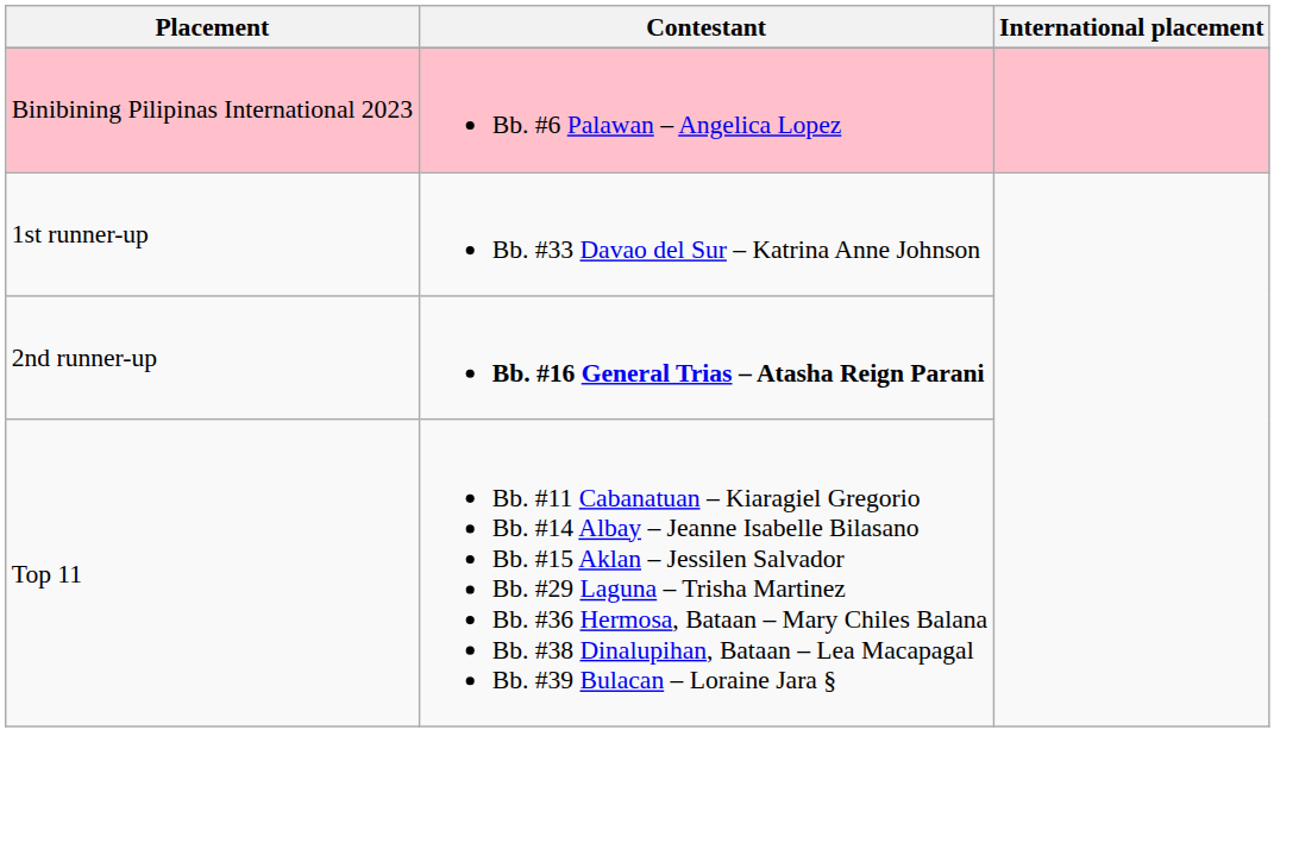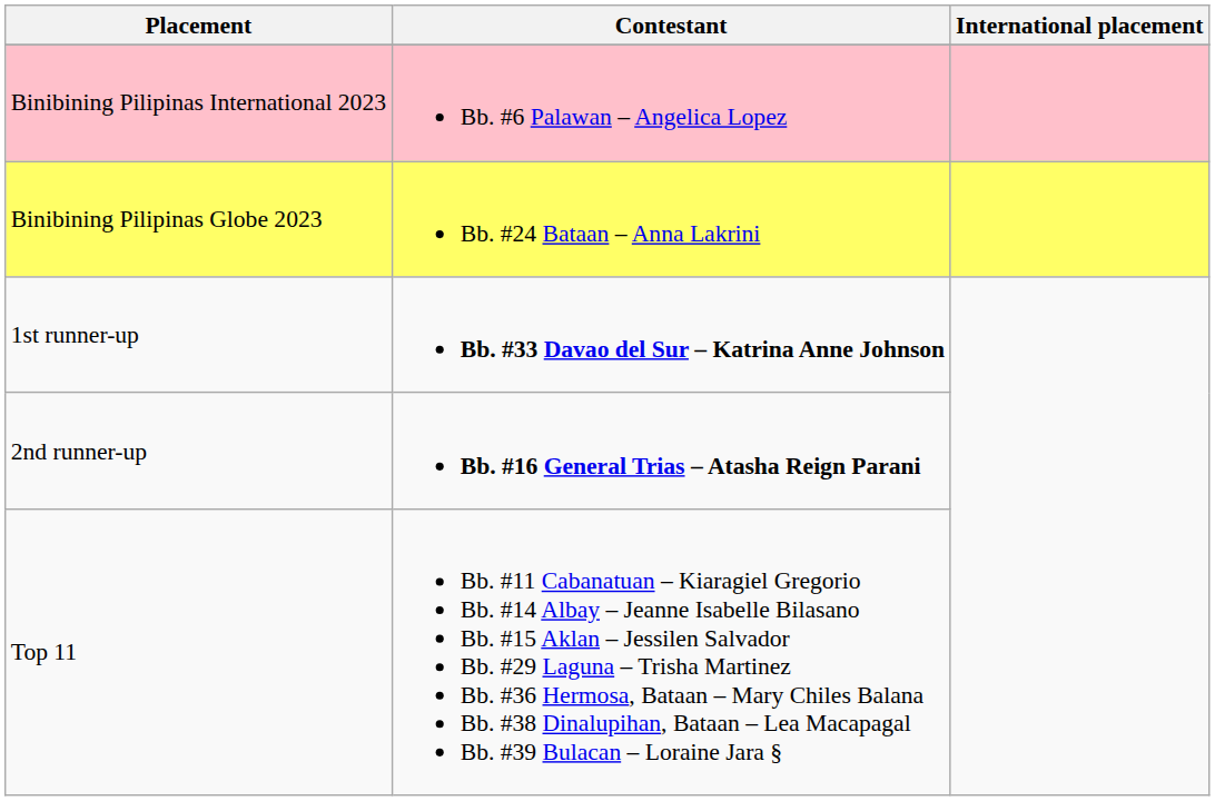 <table class="wikitable sortable" style="font-size:95%;">
 <tr>
 <th>Placement</th>
 <th>Contestant</th>
 <th>International placement</th>
 </tr>
 <tr>
 </tr>
 <tr style="background:pink;">
 <td>Binibining Pilipinas International 2023</td>
 <td><br><ul><li>Bb. #6 <a href='#'>Palawan</a> – <a href='#'>Angelica Lopez</a></li></ul></td>
 <td></td>
 </tr>
+<tr style="background:#FFFF66;">
+<td>Binibining Pilipinas Globe 2023</td>
+<td><br><ul><li>Bb. #24 <a href='#'>Bataan</a> – <a href='#'>Anna Lakrini</a></li></ul></td>
+<td></td>
+</tr>
 <tr>
 <td>1st runner-up</td>
-<td><br><ul><li>Bb. #33 <a href='#'>Davao del Sur</a> – Katrina Anne Johnson</li></ul></td>
+<td><strong><br><ul><li>Bb. #33 <a href='#'>Davao del Sur</a> – Katrina Anne Johnson</li></ul></strong></td>
 </tr>
 <tr>
 <td>2nd runner-up</td>
 <td><strong><br><ul><li>Bb. #16 <a href='#'>General Trias</a> – Atasha Reign Parani</li></ul></strong></td>
 </tr>
 <tr>
 <td>Top 11</td>
 <td><br><ul><li>Bb. #11 <a href='#'>Cabanatuan</a> – Kiaragiel Gregorio</li><li>Bb. #14 <a href='#'>Albay</a> – Jeanne Isabelle Bilasano</li><li>Bb. #15 <a href='#'>Aklan</a> – Jessilen Salvador</li><li>Bb. #29 <a href='#'>Laguna</a> – Trisha Martinez</li><li>Bb. #36 <a href='#'>Hermosa</a>, Bataan – Mary Chiles Balana</li><li>Bb. #38 <a href='#'>Dinalupihan</a>, Bataan – Lea Macapagal</li><li>Bb. #39 <a href='#'>Bulacan</a> – Loraine Jara §</li></ul></td>
 </tr>
 </table>
